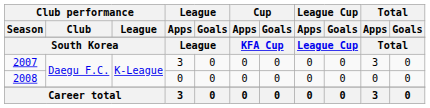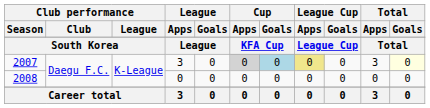 <table class="wikitable" style="text-align:center">
 <tr>
 <th colspan=3>Club performance</th>
 <th colspan=2>League</th>
 <th colspan=2>Cup</th>
 <th colspan=2>League Cup</th>
 <th colspan=2>Total</th>
 </tr>
 <tr>
 <th>Season</th>
 <th>Club</th>
 <th>League</th>
 <th>Apps</th>
 <th>Goals</th>
 <th>Apps</th>
 <th>Goals</th>
 <th>Apps</th>
 <th>Goals</th>
 <th>Apps</th>
 <th>Goals</th>
 </tr>
 <tr>
 </tr>
 <tr>
 <th colspan=3>South Korea</th>
 <th colspan=2>League</th>
 <th colspan=2><a href='#'>KFA Cup</a></th>
 <th colspan=2><a href='#'>League Cup</a></th>
 <th colspan=2>Total</th>
 </tr>
 <tr>
 <td><a href='#'>2007</a></td>
 <td rowspan="2"><a href='#'>Daegu F.C.</a></td>
 <td rowspan="2"><a href='#'>K-League</a></td>
 <td>3</td>
 <td>0</td>
-<td>0</td>
-<td>0</td>
-<td>0</td>
+<td style="background: lightgrey;">0</td>
+<td style="background: lightblue;">0</td>
+<td style="background: khaki;">0</td>
 <td>0</td>
 <td>3</td>
-<td>0</td>
+<td style="background: lightyellow;">0</td>
 </tr>
 <tr>
 <td><a href='#'>2008</a></td>
 <td>0</td>
 <td>0</td>
 <td>0</td>
 <td>0</td>
 <td>0</td>
 <td>0</td>
 <td>0</td>
 <td>0</td>
 </tr>
 <tr>
 </tr>
 <tr>
 <th colspan=3>Career total</th>
 <th>3</th>
 <th>0</th>
 <th>0</th>
 <th>0</th>
 <th>0</th>
 <th>0</th>
 <th>3</th>
 <th>0</th>
 </tr>
 </table>
